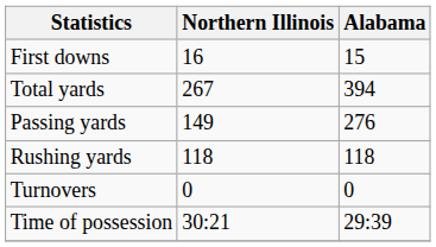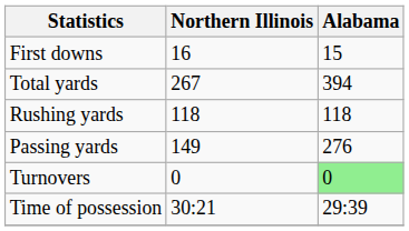 <table class="wikitable" style="float: left;">
 <tr>
 <th>Statistics</th>
 <th>Northern Illinois</th>
 <th>Alabama</th>
 </tr>
 <tr>
 <td>First downs</td>
 <td>16</td>
 <td>15</td>
 </tr>
 <tr>
 <td>Total yards</td>
 <td>267</td>
 <td>394</td>
 </tr>
 <tr>
+<td>Rushing yards</td>
+<td>118</td>
+<td>118</td>
+</tr>
+<tr>
 <td>Passing yards</td>
 <td>149</td>
 <td>276</td>
 </tr>
 <tr>
-<td>Rushing yards</td>
-<td>118</td>
-<td>118</td>
-</tr>
-<tr>
 <td>Turnovers</td>
 <td>0</td>
-<td>0</td>
+<td style="background: lightgreen;">0</td>
 </tr>
 <tr>
 <td>Time of possession</td>
 <td>30:21</td>
 <td>29:39</td>
 </tr>
 <tr>
 </tr>
 </table>
